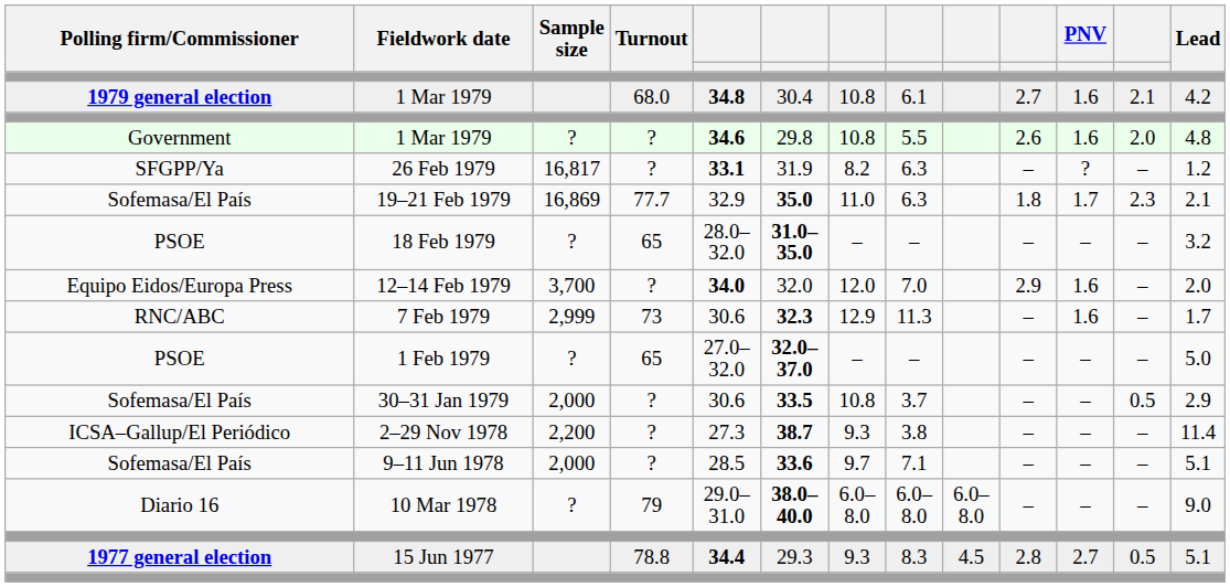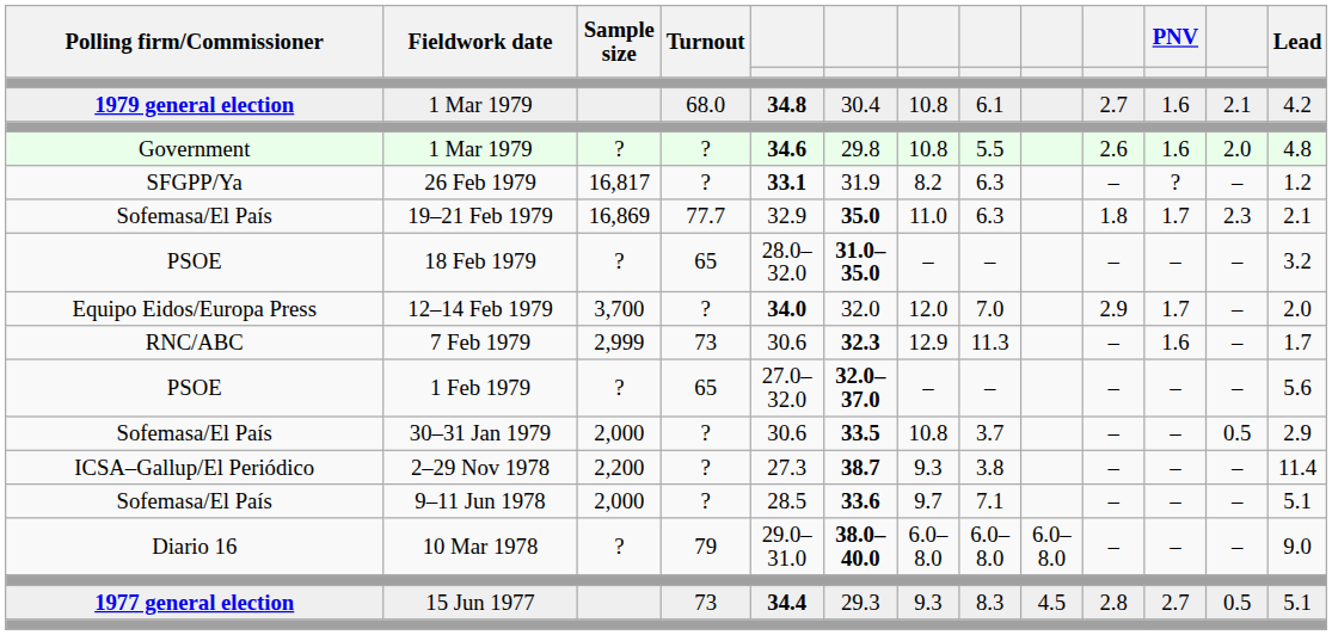 <table class="wikitable collapsible" style="text-align:center; font-size:95%; line-height:16px;">
 <tr style="height:42px;">
 <th style="width:250px;" rowspan="2">Polling firm/Commissioner</th>
 <th style="width:125px;" rowspan="2">Fieldwork date</th>
 <th style="width:50px;" rowspan="2">Sample size</th>
 <th style="width:45px;" rowspan="2">Turnout</th>
 <th style="width:43px;"></th>
 <th style="width:43px;"></th>
 <th style="width:35px;"></th>
 <th style="width:35px;"></th>
 <th style="width:35px;"></th>
 <th style="width:35px;"></th>
 <th style="width:35px;"><a href='#'>PNV</a></th>
 <th style="width:35px;"></th>
 <th style="width:30px;" rowspan="2">Lead</th>
 </tr>
 <tr>
 <th style="color:inherit;background:"></th>
 <th style="color:inherit;background:"></th>
 <th style="color:inherit;background:"></th>
 <th style="color:inherit;background:"></th>
 <th style="color:inherit;background:"></th>
 <th style="color:inherit;background:"></th>
 <th style="color:inherit;background:"></th>
 <th style="color:inherit;background:"></th>
 </tr>
 <tr>
 <td colspan="13" style="background:#A0A0A0"></td>
 </tr>
 <tr style="background:#EFEFEF;">
 <td><strong><a href='#'>1979 general election</a></strong></td>
 <td>1 Mar 1979</td>
 <td></td>
 <td>68.0</td>
 <td><strong>34.8</strong><br></td>
 <td>30.4<br></td>
 <td>10.8<br></td>
 <td>6.1<br></td>
 <td></td>
 <td>2.7<br></td>
 <td>1.6<br></td>
 <td>2.1<br></td>
 <td style="background:">4.2</td>
 </tr>
 <tr>
 <td colspan="13" style="background:#A0A0A0"></td>
 </tr>
 <tr style="background:#EAFFEA;">
 <td>Government</td>
 <td>1 Mar 1979</td>
 <td>?</td>
 <td>?</td>
 <td><strong>34.6</strong><br></td>
 <td>29.8<br></td>
 <td>10.8<br></td>
 <td>5.5<br></td>
 <td></td>
 <td>2.6<br></td>
 <td>1.6<br></td>
 <td>2.0<br></td>
 <td style="background:">4.8</td>
 </tr>
 <tr>
 <td>SFGPP/Ya</td>
 <td>26 Feb 1979</td>
 <td>16,817</td>
 <td>?</td>
 <td><strong>33.1</strong><br></td>
 <td>31.9<br></td>
 <td>8.2<br></td>
 <td>6.3<br></td>
 <td></td>
 <td>–</td>
 <td>?<br></td>
 <td>–</td>
 <td style="background:">1.2</td>
 </tr>
 <tr>
 <td>Sofemasa/El País</td>
 <td>19–21 Feb 1979</td>
 <td>16,869</td>
 <td>77.7</td>
 <td>32.9<br></td>
 <td><strong>35.0</strong><br></td>
 <td>11.0<br></td>
 <td>6.3<br></td>
 <td></td>
 <td>1.8<br></td>
 <td>1.7<br></td>
 <td>2.3<br></td>
 <td style="background:">2.1</td>
 </tr>
 <tr>
 <td>PSOE</td>
 <td>18 Feb 1979</td>
 <td>?</td>
 <td>65</td>
 <td>28.0–<br>32.0</td>
 <td><strong>31.0–<br>35.0</strong></td>
 <td>–</td>
 <td>–</td>
 <td></td>
 <td>–</td>
 <td>–</td>
 <td>–</td>
 <td style="background:">3.2</td>
 </tr>
 <tr>
 <td>Equipo Eidos/Europa Press</td>
 <td>12–14 Feb 1979</td>
 <td>3,700</td>
 <td>?</td>
 <td><strong>34.0</strong><br></td>
 <td>32.0<br></td>
 <td>12.0<br></td>
 <td>7.0<br></td>
 <td></td>
 <td>2.9<br></td>
-<td>1.6<br></td>
+<td>1.7<br></td>
 <td>–</td>
 <td style="background:">2.0</td>
 </tr>
 <tr>
 <td>RNC/ABC</td>
 <td>7 Feb 1979</td>
 <td>2,999</td>
 <td>73</td>
 <td>30.6</td>
 <td><strong>32.3</strong></td>
 <td>12.9</td>
 <td>11.3</td>
 <td></td>
 <td>–</td>
 <td>1.6<br></td>
 <td>–</td>
 <td style="background:">1.7</td>
 </tr>
 <tr>
 <td>PSOE</td>
 <td>1 Feb 1979</td>
 <td>?</td>
 <td>65</td>
 <td>27.0–<br>32.0</td>
 <td><strong>32.0–<br>37.0</strong></td>
 <td>–</td>
 <td>–</td>
 <td></td>
 <td>–</td>
 <td>–</td>
 <td>–</td>
-<td style="background:">5.0</td>
+<td style="background:">5.6</td>
 </tr>
 <tr>
 <td>Sofemasa/El País</td>
 <td>30–31 Jan 1979</td>
 <td>2,000</td>
 <td>?</td>
 <td>30.6</td>
 <td><strong>33.5</strong></td>
 <td>10.8</td>
 <td>3.7</td>
 <td></td>
 <td>–</td>
 <td>–</td>
 <td>0.5<br></td>
 <td style="background:">2.9</td>
 </tr>
 <tr>
 <td>ICSA–Gallup/El Periódico</td>
 <td>2–29 Nov 1978</td>
 <td>2,200</td>
 <td>?</td>
 <td>27.3</td>
 <td><strong>38.7</strong></td>
 <td>9.3</td>
 <td>3.8</td>
 <td></td>
 <td>–</td>
 <td>–</td>
 <td>–</td>
 <td style="background:">11.4</td>
 </tr>
 <tr>
 <td>Sofemasa/El País</td>
 <td>9–11 Jun 1978</td>
 <td>2,000</td>
 <td>?</td>
 <td>28.5</td>
 <td><strong>33.6</strong></td>
 <td>9.7</td>
 <td>7.1</td>
 <td></td>
 <td>–</td>
 <td>–</td>
 <td>–</td>
 <td style="background:">5.1</td>
 </tr>
 <tr>
 <td>Diario 16</td>
 <td>10 Mar 1978</td>
 <td>?</td>
 <td>79</td>
 <td>29.0–<br>31.0</td>
 <td><strong>38.0–<br>40.0</strong></td>
 <td>6.0–<br>8.0</td>
 <td>6.0–<br>8.0</td>
 <td>6.0–<br>8.0</td>
 <td>–</td>
 <td>–</td>
 <td>–</td>
 <td style="background:">9.0</td>
 </tr>
 <tr>
 <td colspan="13" style="background:#A0A0A0"></td>
 </tr>
 <tr style="background:#EFEFEF;">
 <td><strong><a href='#'>1977 general election</a></strong></td>
 <td>15 Jun 1977</td>
 <td></td>
-<td>78.8</td>
+<td>73</td>
 <td><strong>34.4</strong><br></td>
 <td>29.3<br></td>
 <td>9.3<br></td>
 <td>8.3<br></td>
 <td>4.5<br></td>
 <td>2.8<br></td>
 <td>2.7</td>
 <td>0.5<br></td>
 <td style="background:">5.1</td>
 </tr>
 <tr>
 <td colspan="13" style="background:#A0A0A0"></td>
 </tr>
 </table>
